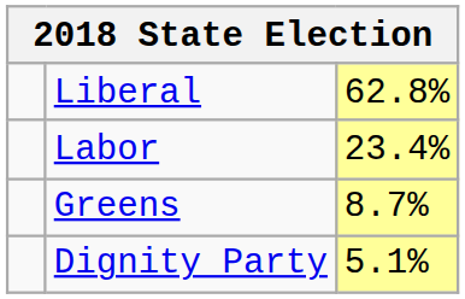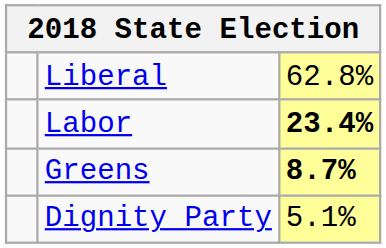 <table class="wikitable" style="float:right; clear:right; margin-left:0.5em">
 <tr>
 <th colspan="3">2018 State Election</th>
 </tr>
 <tr>
 <td> </td>
 <td><a href='#'>Liberal</a></td>
 <td bgcolor="FFFF99">62.8%</td>
 </tr>
 <tr>
 <td> </td>
 <td><a href='#'>Labor</a></td>
-<td bgcolor="FFFF99">23.4%</td>
+<td bgcolor="FFFF99"><strong>23.4%</strong></td>
 </tr>
 <tr>
 <td> </td>
 <td><a href='#'>Greens</a></td>
-<td bgcolor="FFFF99">8.7%</td>
+<td bgcolor="FFFF99"><strong>8.7%</strong></td>
 </tr>
 <tr>
 <td> </td>
 <td><a href='#'>Dignity Party</a></td>
 <td bgcolor="FFFF99">5.1%</td>
 </tr>
 </table>
